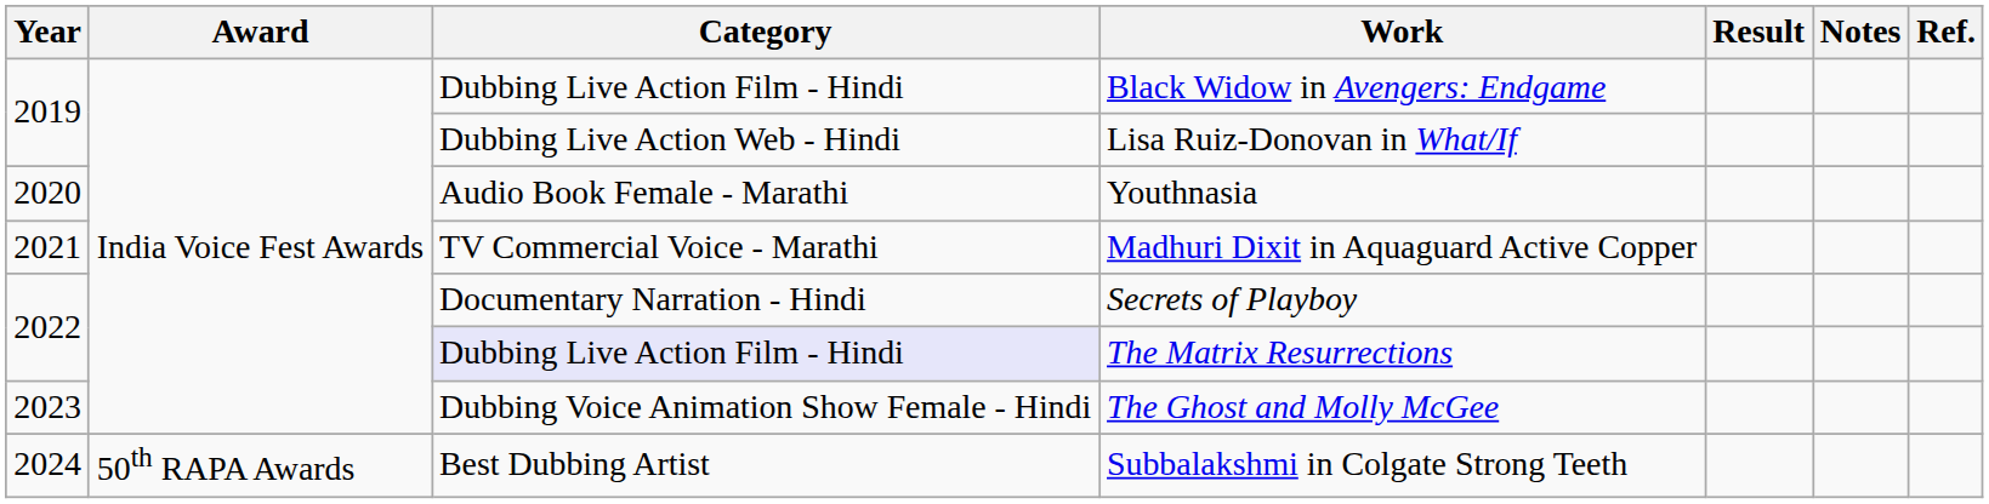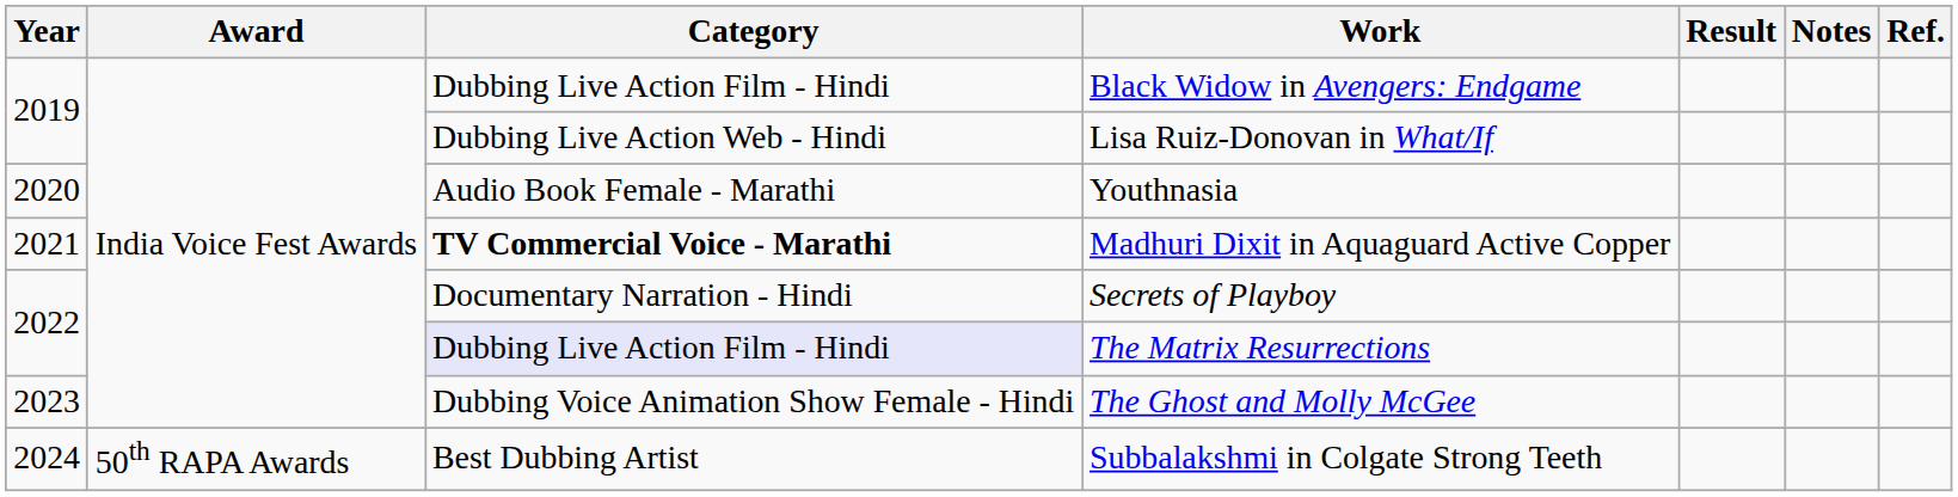 <table class="wikitable">
 <tr>
 <th>Year</th>
 <th>Award</th>
 <th>Category</th>
 <th>Work</th>
 <th>Result</th>
 <th>Notes</th>
 <th>Ref.</th>
 </tr>
 <tr>
 <td rowspan="2">2019</td>
 <td rowspan="7">India Voice Fest Awards</td>
 <td>Dubbing Live Action Film - Hindi</td>
 <td><a href='#'>Black Widow</a> in <em><a href='#'>Avengers: Endgame</a></em></td>
 <td></td>
 <td></td>
 <td></td>
 </tr>
 <tr>
 <td>Dubbing Live Action Web - Hindi</td>
 <td>Lisa Ruiz-Donovan in <em><a href='#'>What/If</a></em></td>
 <td></td>
 <td></td>
 <td></td>
 </tr>
 <tr>
 <td>2020</td>
 <td>Audio Book Female - Marathi</td>
 <td>Youthnasia</td>
 <td></td>
 <td></td>
 <td></td>
 </tr>
 <tr>
 <td>2021</td>
-<td>TV Commercial Voice - Marathi</td>
+<td><strong>TV Commercial Voice - Marathi</strong></td>
 <td><a href='#'>Madhuri Dixit</a> in Aquaguard Active Copper</td>
 <td></td>
 <td></td>
 <td></td>
 </tr>
 <tr>
 <td rowspan="2">2022</td>
 <td>Documentary Narration - Hindi</td>
 <td><em>Secrets of Playboy</em></td>
 <td></td>
 <td></td>
 <td></td>
 </tr>
 <tr>
 <td style="background: lavender;">Dubbing Live Action Film - Hindi</td>
 <td><em><a href='#'>The Matrix Resurrections</a></em></td>
 <td></td>
 <td></td>
 <td></td>
 </tr>
 <tr>
 <td>2023</td>
 <td>Dubbing Voice Animation Show Female - Hindi</td>
 <td><em><a href='#'>The Ghost and Molly McGee</a></em></td>
 <td></td>
 <td></td>
 <td></td>
 </tr>
 <tr>
 <td>2024</td>
 <td>50<sup>th</sup> RAPA Awards</td>
 <td>Best Dubbing Artist</td>
 <td><a href='#'>Subbalakshmi</a> in Colgate Strong Teeth</td>
 <td></td>
 <td></td>
 <td></td>
 </tr>
 </table>
